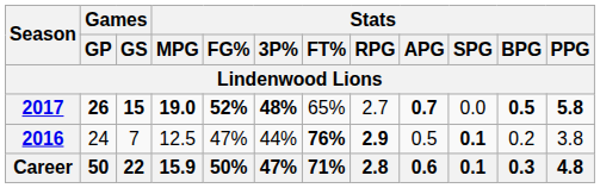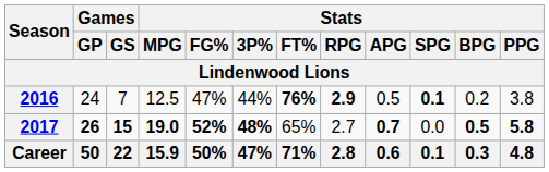 <table class="wikitable" style="text-align:center;">
 <tr>
 <th rowspan="2">Season</th>
 <th colspan="2">Games</th>
 <th colspan="9">Stats</th>
 </tr>
 <tr>
 <th>GP</th>
 <th>GS</th>
 <th>MPG</th>
 <th>FG%</th>
 <th>3P%</th>
 <th>FT%</th>
 <th>RPG</th>
 <th>APG</th>
 <th>SPG</th>
 <th>BPG</th>
 <th>PPG</th>
 </tr>
 <tr>
 <th colspan="12">Lindenwood Lions</th>
 </tr>
 <tr>
+<th><a href='#'>2016</a></th>
+<td>24</td>
+<td>7</td>
+<td>12.5</td>
+<td>47%</td>
+<td>44%</td>
+<td><strong>76%</strong></td>
+<td><strong>2.9</strong></td>
+<td>0.5</td>
+<td><strong>0.1</strong></td>
+<td>0.2</td>
+<td>3.8</td>
+</tr>
+<tr>
 <th><a href='#'>2017</a></th>
 <td><strong>26</strong></td>
 <td><strong>15</strong></td>
 <td><strong>19.0</strong></td>
 <td><strong>52%</strong></td>
 <td><strong>48%</strong></td>
 <td>65%</td>
 <td>2.7</td>
 <td><strong>0.7</strong></td>
 <td>0.0</td>
 <td><strong>0.5</strong></td>
 <td><strong>5.8</strong></td>
-</tr>
-<tr>
-<th><a href='#'>2016</a></th>
-<td>24</td>
-<td>7</td>
-<td>12.5</td>
-<td>47%</td>
-<td>44%</td>
-<td><strong>76%</strong></td>
-<td><strong>2.9</strong></td>
-<td>0.5</td>
-<td><strong>0.1</strong></td>
-<td>0.2</td>
-<td>3.8</td>
 </tr>
 <tr>
 <th>Career</th>
 <th>50</th>
 <th>22</th>
 <th>15.9</th>
 <th>50%</th>
 <th>47%</th>
 <th>71%</th>
 <th>2.8</th>
 <th>0.6</th>
 <th>0.1</th>
 <th>0.3</th>
 <th>4.8</th>
 </tr>
 </table>
